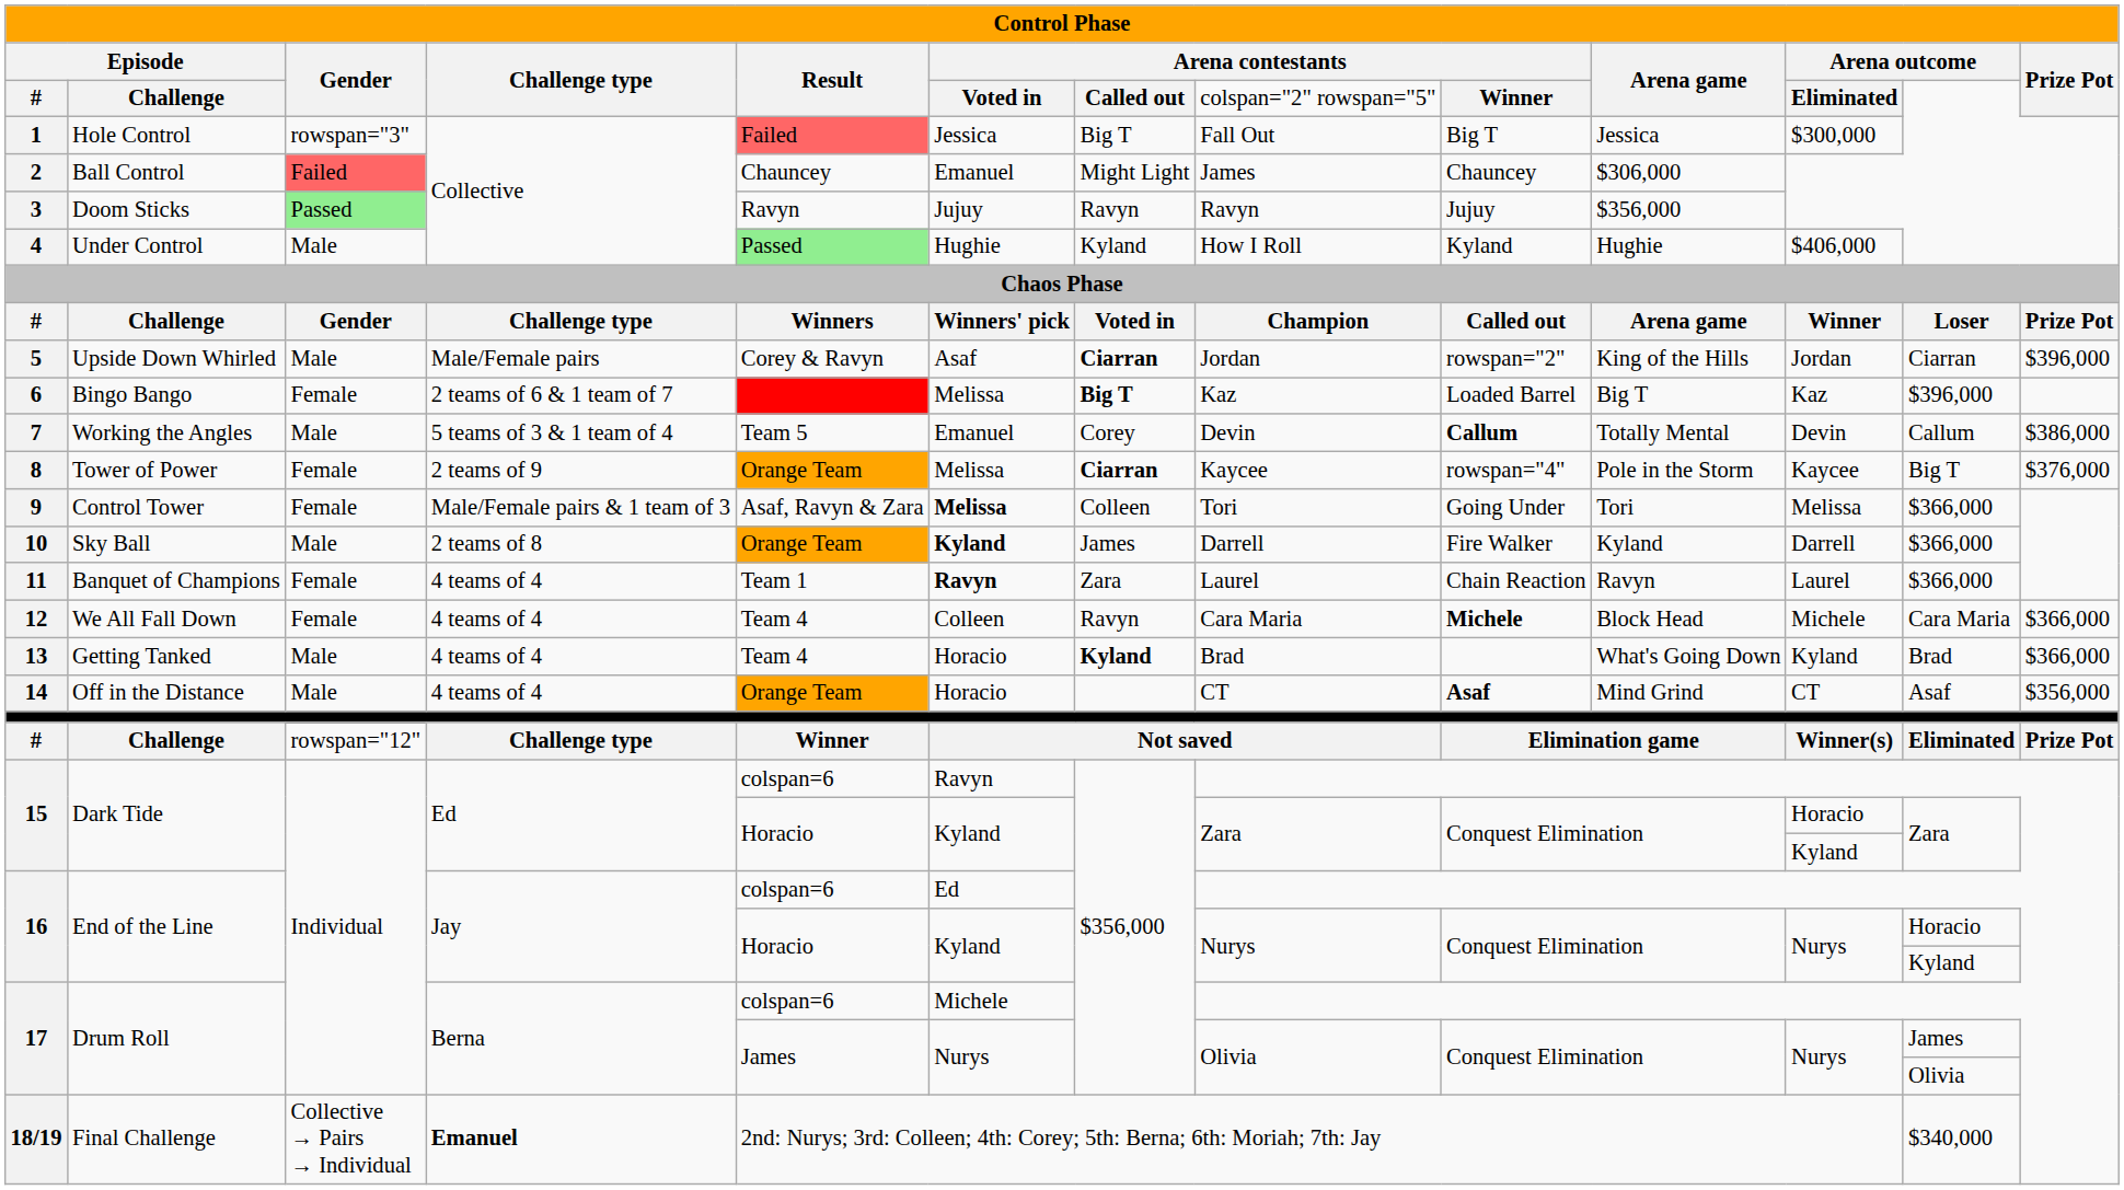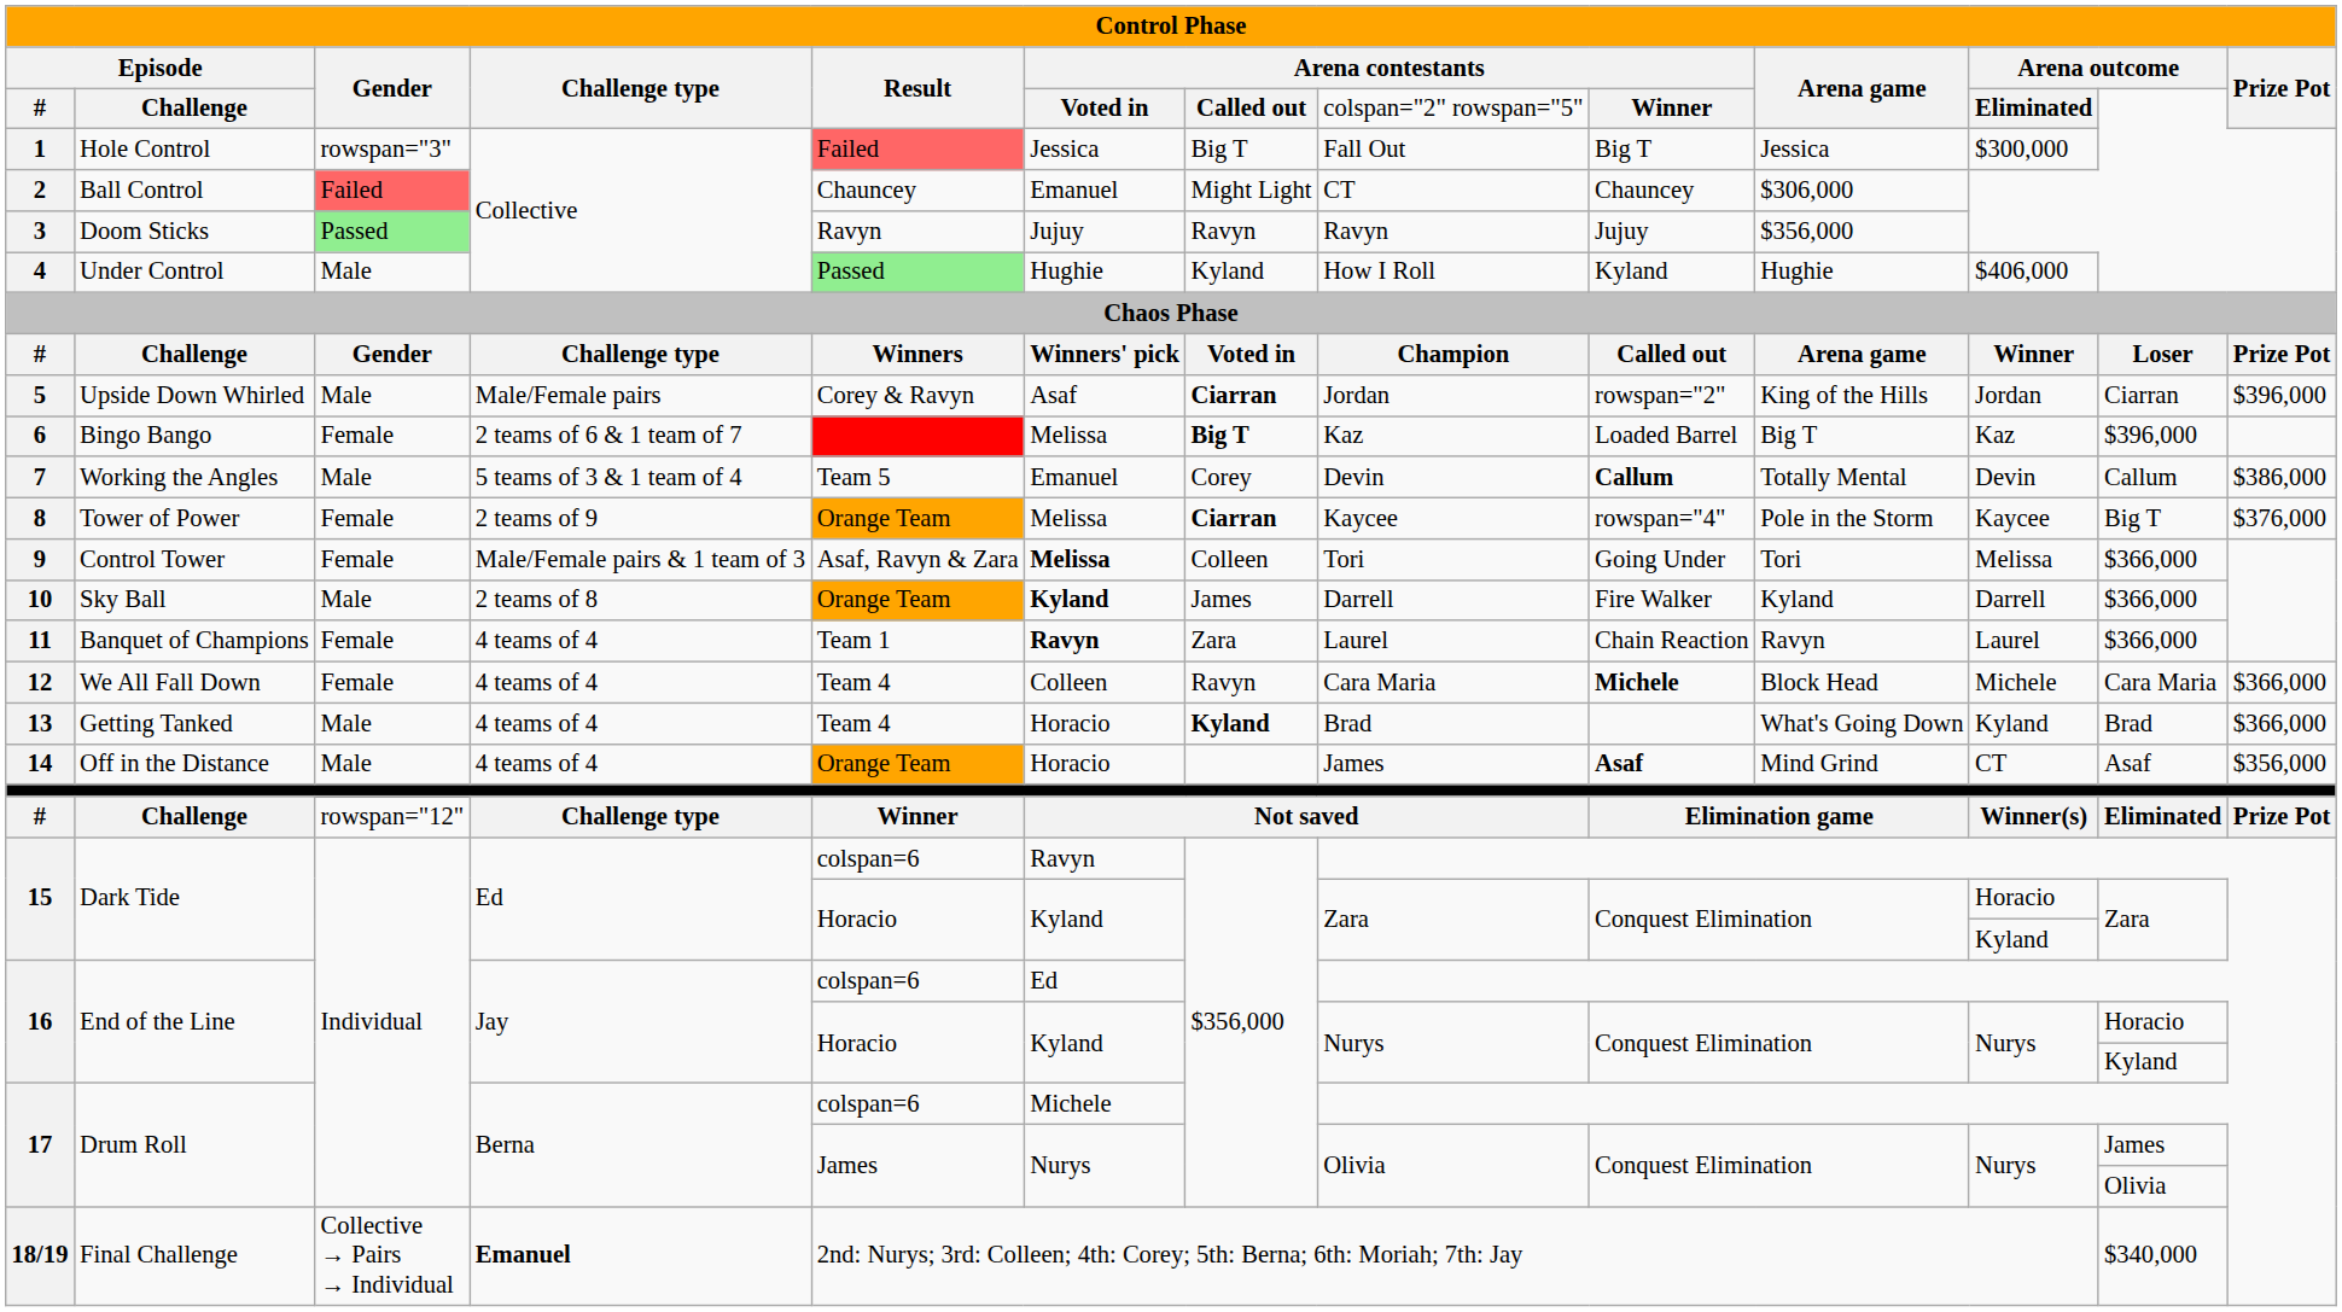 <table class="wikitable" style="font-size:90%; white-space:nowrap">
 <tr>
 <th style="background:#FFA500" colspan="13">Control Phase</th>
 </tr>
 <tr>
 <th colspan=2>Episode</th>
 <th rowspan="2">Gender</th>
 <th rowspan="2">Challenge type</th>
 <th rowspan="2">Result</th>
 <th colspan="4">Arena contestants</th>
 <th rowspan=2>Arena game</th>
 <th colspan="2">Arena outcome</th>
 <th rowspan="2">Prize Pot</th>
 </tr>
 <tr>
 <th>#</th>
 <th>Challenge</th>
 <th>Voted in</th>
 <th>Called out</th>
 <td>colspan="2" rowspan="5" </td>
 <th>Winner</th>
 <th>Eliminated</th>
 </tr>
 <tr>
 <th>1</th>
 <td>Hole Control</td>
 <td>rowspan="3" </td>
 <td rowspan="4">Collective</td>
 <td bgcolor="#FF6666">Failed</td>
 <td>Jessica</td>
 <td>Big T</td>
 <td>Fall Out</td>
 <td>Big T</td>
 <td>Jessica</td>
 <td>$300,000</td>
 </tr>
 <tr>
 <th>2</th>
 <td>Ball Control</td>
 <td bgcolor="#FF6666">Failed</td>
 <td>Chauncey</td>
 <td>Emanuel</td>
 <td>Might Light</td>
-<td>James</td>
+<td>CT</td>
 <td>Chauncey</td>
 <td>$306,000</td>
 </tr>
 <tr>
 <th>3</th>
 <td>Doom Sticks</td>
 <td bgcolor="lightgreen">Passed</td>
 <td>Ravyn</td>
 <td>Jujuy</td>
 <td>Ravyn</td>
 <td>Ravyn</td>
 <td>Jujuy</td>
 <td>$356,000</td>
 </tr>
 <tr>
 <th>4</th>
 <td>Under Control</td>
 <td>Male</td>
 <td bgcolor="lightgreen">Passed</td>
 <td>Hughie</td>
 <td>Kyland</td>
 <td>How I Roll</td>
 <td>Kyland</td>
 <td>Hughie</td>
 <td>$406,000</td>
 </tr>
 <tr>
 <th style="background:#C0C0C0" colspan="13">Chaos Phase</th>
 </tr>
 <tr>
 <th>#</th>
 <th>Challenge</th>
 <th>Gender</th>
 <th>Challenge type</th>
 <th>Winners</th>
 <th>Winners' pick</th>
 <th>Voted in</th>
 <th>Champion</th>
 <th>Called out</th>
 <th>Arena game</th>
 <th>Winner</th>
 <th>Loser</th>
 <th>Prize Pot</th>
 </tr>
 <tr>
 <th>5</th>
 <td>Upside Down Whirled</td>
 <td>Male</td>
 <td>Male/Female pairs</td>
 <td>Corey & Ravyn</td>
 <td>Asaf</td>
 <td><strong>Ciarran</strong></td>
 <td>Jordan</td>
 <td>rowspan="2" </td>
 <td>King of the Hills</td>
 <td>Jordan</td>
 <td>Ciarran</td>
 <td>$396,000</td>
 </tr>
 <tr>
 <th>6</th>
 <td>Bingo Bango</td>
 <td>Female</td>
 <td>2 teams of 6 & 1 team of 7</td>
 <td bgcolor="red" colspan="1"></td>
 <td>Melissa</td>
 <td><strong>Big T</strong></td>
 <td>Kaz</td>
 <td>Loaded Barrel</td>
 <td>Big T</td>
 <td>Kaz</td>
 <td>$396,000</td>
 </tr>
 <tr>
 <th>7</th>
 <td>Working the Angles</td>
 <td>Male</td>
 <td>5 teams of 3 & 1 team of 4</td>
 <td>Team 5</td>
 <td>Emanuel</td>
 <td>Corey</td>
 <td>Devin</td>
 <td><strong>Callum</strong></td>
 <td>Totally Mental</td>
 <td>Devin</td>
 <td>Callum</td>
 <td>$386,000</td>
 </tr>
 <tr>
 <th>8</th>
 <td>Tower of Power</td>
 <td>Female</td>
 <td>2 teams of 9</td>
 <td bgcolor="#FFA500" colspan="1">Orange Team</td>
 <td>Melissa</td>
 <td><strong>Ciarran</strong></td>
 <td>Kaycee</td>
 <td>rowspan="4" </td>
 <td>Pole in the Storm</td>
 <td>Kaycee</td>
 <td>Big T</td>
 <td>$376,000</td>
 </tr>
 <tr>
 <th>9</th>
 <td>Control Tower</td>
 <td>Female</td>
 <td>Male/Female pairs & 1 team of 3</td>
 <td>Asaf, Ravyn & Zara</td>
 <td><strong>Melissa</strong></td>
 <td>Colleen</td>
 <td>Tori</td>
 <td>Going Under</td>
 <td>Tori</td>
 <td>Melissa</td>
 <td>$366,000</td>
 </tr>
 <tr>
 <th>10</th>
 <td>Sky Ball</td>
 <td>Male</td>
 <td>2 teams of 8</td>
 <td bgcolor="#FFA500">Orange Team</td>
 <td><strong>Kyland</strong></td>
 <td>James</td>
 <td>Darrell</td>
 <td>Fire Walker</td>
 <td>Kyland</td>
 <td>Darrell</td>
 <td>$366,000</td>
 </tr>
 <tr>
 <th>11</th>
 <td>Banquet of Champions</td>
 <td>Female</td>
 <td>4 teams of 4</td>
 <td>Team 1</td>
 <td><strong>Ravyn</strong></td>
 <td>Zara</td>
 <td>Laurel</td>
 <td>Chain Reaction</td>
 <td>Ravyn</td>
 <td>Laurel</td>
 <td>$366,000</td>
 </tr>
 <tr>
 <th>12</th>
 <td>We All Fall Down</td>
 <td>Female</td>
 <td>4 teams of 4</td>
 <td>Team 4</td>
 <td>Colleen</td>
 <td>Ravyn</td>
 <td>Cara Maria</td>
 <td><strong>Michele</strong></td>
 <td>Block Head</td>
 <td>Michele</td>
 <td>Cara Maria</td>
 <td>$366,000</td>
 </tr>
 <tr>
 <th>13</th>
 <td>Getting Tanked</td>
 <td>Male</td>
 <td>4 teams of 4</td>
 <td>Team 4</td>
 <td>Horacio</td>
 <td><strong>Kyland</strong></td>
 <td>Brad</td>
 <td></td>
 <td>What's Going Down</td>
 <td>Kyland</td>
 <td>Brad</td>
 <td>$366,000</td>
 </tr>
 <tr>
 <th>14</th>
 <td>Off in the Distance</td>
 <td>Male</td>
 <td>4 teams of 4</td>
 <td bgcolor="#FFA500">Orange Team</td>
 <td>Horacio</td>
 <td></td>
-<td>CT</td>
+<td>James</td>
 <td><strong>Asaf</strong></td>
 <td>Mind Grind</td>
 <td>CT</td>
 <td>Asaf</td>
 <td>$356,000</td>
 </tr>
 <tr>
 <th style="background:#000000"  colspan="13"></th>
 </tr>
 <tr>
 <th>#</th>
 <th>Challenge</th>
 <td>rowspan="12" </td>
 <th>Challenge type</th>
 <th>Winner</th>
 <th colspan="3">Not saved</th>
 <th colspan="2">Elimination game</th>
 <th>Winner(s)</th>
 <th>Eliminated</th>
 <th>Prize Pot</th>
 </tr>
 <tr>
 <th rowspan="3">15</th>
 <td rowspan="3">Dark Tide</td>
 <td rowspan="9">Individual</td>
 <td rowspan="3">Ed</td>
 <td>colspan=6 </td>
 <td>Ravyn</td>
 <td rowspan="9">$356,000</td>
 </tr>
 <tr>
 <td rowspan="2">Horacio</td>
 <td rowspan="2">Kyland</td>
 <td rowspan="2">Zara</td>
 <td colspan="2" rowspan="2">Conquest Elimination</td>
 <td>Horacio</td>
 <td rowspan="2">Zara</td>
 </tr>
 <tr>
 <td>Kyland</td>
 </tr>
 <tr>
 <th rowspan="3">16</th>
 <td rowspan="3">End of the Line</td>
 <td rowspan="3">Jay</td>
 <td>colspan=6 </td>
 <td>Ed</td>
 </tr>
 <tr>
 <td rowspan="2">Horacio</td>
 <td rowspan="2">Kyland</td>
 <td rowspan="2">Nurys</td>
 <td colspan="2" rowspan="2">Conquest Elimination</td>
 <td rowspan="2">Nurys</td>
 <td>Horacio</td>
 </tr>
 <tr>
 <td>Kyland</td>
 </tr>
 <tr>
 <th rowspan="3">17</th>
 <td rowspan="3">Drum Roll</td>
 <td rowspan="3">Berna</td>
 <td>colspan=6 </td>
 <td>Michele</td>
 </tr>
 <tr>
 <td rowspan="2">James</td>
 <td rowspan="2">Nurys</td>
 <td rowspan="2">Olivia</td>
 <td colspan="2" rowspan="2">Conquest Elimination</td>
 <td rowspan="2">Nurys</td>
 <td>James</td>
 </tr>
 <tr>
 <td>Olivia</td>
 </tr>
 <tr>
 <th>18/19</th>
 <td>Final Challenge</td>
 <td>Collective <br>→ Pairs <br>→ Individual</td>
 <td><strong>Emanuel</strong></td>
 <td colspan="7">2nd: Nurys; 3rd: Colleen; 4th: Corey; 5th: Berna; 6th: Moriah; 7th: Jay</td>
 <td>$340,000</td>
 </tr>
 </table>
